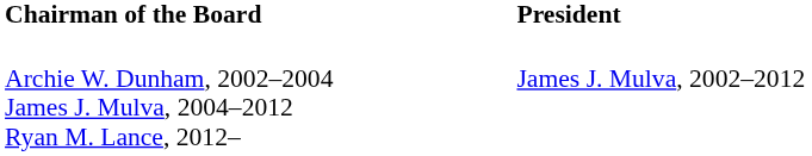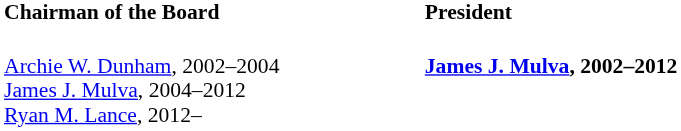 <table style="width: 600px">
 <tr style="text-align: left">
 <th>Chairman of the Board</th>
 <th>President</th>
 </tr>
 <tr style="vertical-align: top">
 <td><br><a href='#'>Archie W. Dunham</a>, 2002–2004<br> <a href='#'>James J. Mulva</a>, 2004–2012<br> <a href='#'>Ryan M. Lance</a>, 2012–</td>
-<td><br><a href='#'>James J. Mulva</a>, 2002–2012</td>
+<td><strong><br><a href='#'>James J. Mulva</a>, 2002–2012</strong></td>
 </tr>
 </table>
